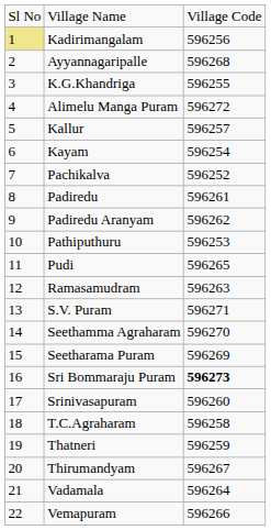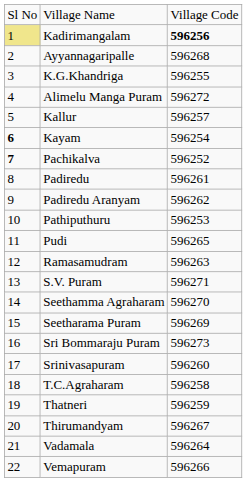 <table class="wikitable">
 <tr>
 <td>Sl No</td>
 <td>Village Name</td>
 <td>Village Code</td>
 </tr>
 <tr>
 <td style="background: khaki;">1</td>
 <td>Kadirimangalam</td>
-<td>596256</td>
+<td><strong>596256</strong></td>
 </tr>
 <tr>
 <td>2</td>
 <td>Ayyannagaripalle</td>
 <td>596268</td>
 </tr>
 <tr>
 <td>3</td>
 <td>K.G.Khandriga</td>
 <td>596255</td>
 </tr>
 <tr>
 <td>4</td>
 <td>Alimelu Manga Puram</td>
 <td>596272</td>
 </tr>
 <tr>
 <td>5</td>
 <td>Kallur</td>
 <td>596257</td>
 </tr>
 <tr>
-<td>6</td>
+<td><strong>6</strong></td>
 <td>Kayam</td>
 <td>596254</td>
 </tr>
 <tr>
-<td>7</td>
+<td><strong>7</strong></td>
 <td>Pachikalva</td>
 <td>596252</td>
 </tr>
 <tr>
 <td>8</td>
 <td>Padiredu</td>
 <td>596261</td>
 </tr>
 <tr>
 <td>9</td>
 <td>Padiredu Aranyam</td>
 <td>596262</td>
 </tr>
 <tr>
 <td>10</td>
 <td>Pathiputhuru</td>
 <td>596253</td>
 </tr>
 <tr>
 <td>11</td>
 <td>Pudi</td>
 <td>596265</td>
 </tr>
 <tr>
 <td>12</td>
 <td>Ramasamudram</td>
 <td>596263</td>
 </tr>
 <tr>
 <td>13</td>
 <td>S.V. Puram</td>
 <td>596271</td>
 </tr>
 <tr>
 <td>14</td>
 <td>Seethamma Agraharam</td>
 <td>596270</td>
 </tr>
 <tr>
 <td>15</td>
 <td>Seetharama Puram</td>
 <td>596269</td>
 </tr>
 <tr>
 <td>16</td>
 <td>Sri Bommaraju Puram</td>
-<td><strong>596273</strong></td>
+<td>596273</td>
 </tr>
 <tr>
 <td>17</td>
 <td>Srinivasapuram</td>
 <td>596260</td>
 </tr>
 <tr>
 <td>18</td>
 <td>T.C.Agraharam</td>
 <td>596258</td>
 </tr>
 <tr>
 <td>19</td>
 <td>Thatneri</td>
 <td>596259</td>
 </tr>
 <tr>
 <td>20</td>
 <td>Thirumandyam</td>
 <td>596267</td>
 </tr>
 <tr>
 <td>21</td>
 <td>Vadamala</td>
 <td>596264</td>
 </tr>
 <tr>
 <td>22</td>
 <td>Vemapuram</td>
 <td>596266</td>
 </tr>
 </table>
